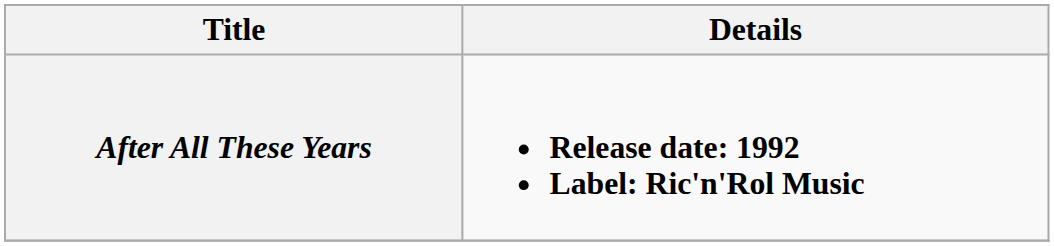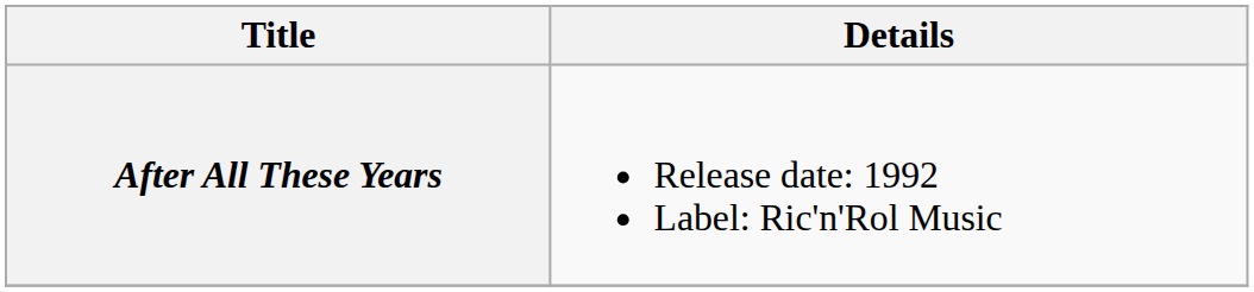 <table class="wikitable plainrowheaders">
 <tr>
 <th style="width:14em;">Title</th>
 <th style="width:18em;">Details</th>
 </tr>
 <tr>
 <th scope="row"><em>After All These Years</em></th>
-<td><strong><br><ul><li>Release date: 1992</li><li>Label: Ric'n'Rol Music</li></ul></strong></td>
+<td><br><ul><li>Release date: 1992</li><li>Label: Ric'n'Rol Music</li></ul></td>
 </tr>
 <tr>
 </tr>
 </table>
